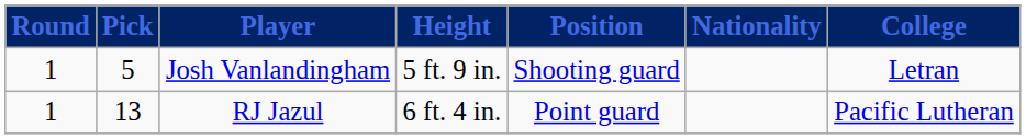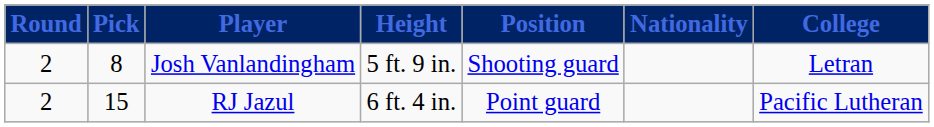 <table class="wikitable sortable sortable">
 <tr>
 <th style="background:#002366; color:#4169E1; ">Round</th>
 <th style="background:#002366; color:#4169E1; ">Pick</th>
 <th style="background:#002366; color:#4169E1; ">Player</th>
 <th style="background:#002366; color:#4169E1; ">Height</th>
 <th style="background:#002366; color:#4169E1; ">Position</th>
 <th style="background:#002366; color:#4169E1; ">Nationality</th>
 <th style="background:#002366; color:#4169E1; ">College</th>
 </tr>
 <tr style="text-align: center">
-<td>1</td>
-<td>5</td>
+<td>2</td>
+<td>8</td>
 <td><a href='#'>Josh Vanlandingham</a></td>
 <td>5 ft. 9 in.</td>
 <td><a href='#'>Shooting guard</a></td>
 <td></td>
 <td><a href='#'>Letran</a></td>
 </tr>
 <tr style="text-align: center">
-<td>1</td>
-<td>13</td>
+<td>2</td>
+<td>15</td>
 <td><a href='#'>RJ Jazul</a></td>
 <td>6 ft. 4 in.</td>
 <td><a href='#'>Point guard</a></td>
 <td></td>
 <td><a href='#'>Pacific Lutheran</a></td>
 </tr>
 </table>
